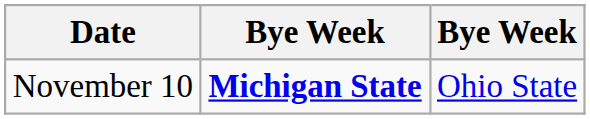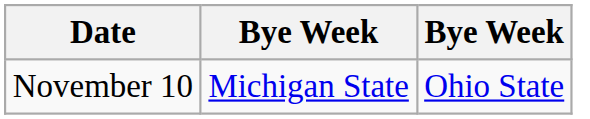 <table class="wikitable" style="font-size:95%;">
 <tr>
 <th>Date</th>
 <th>Bye Week</th>
 <th>Bye Week</th>
 </tr>
 <tr>
 <td>November 10</td>
-<td><strong><a href='#'>Michigan State</a></strong></td>
+<td><a href='#'>Michigan State</a></td>
 <td><a href='#'>Ohio State</a></td>
 </tr>
 </table>
